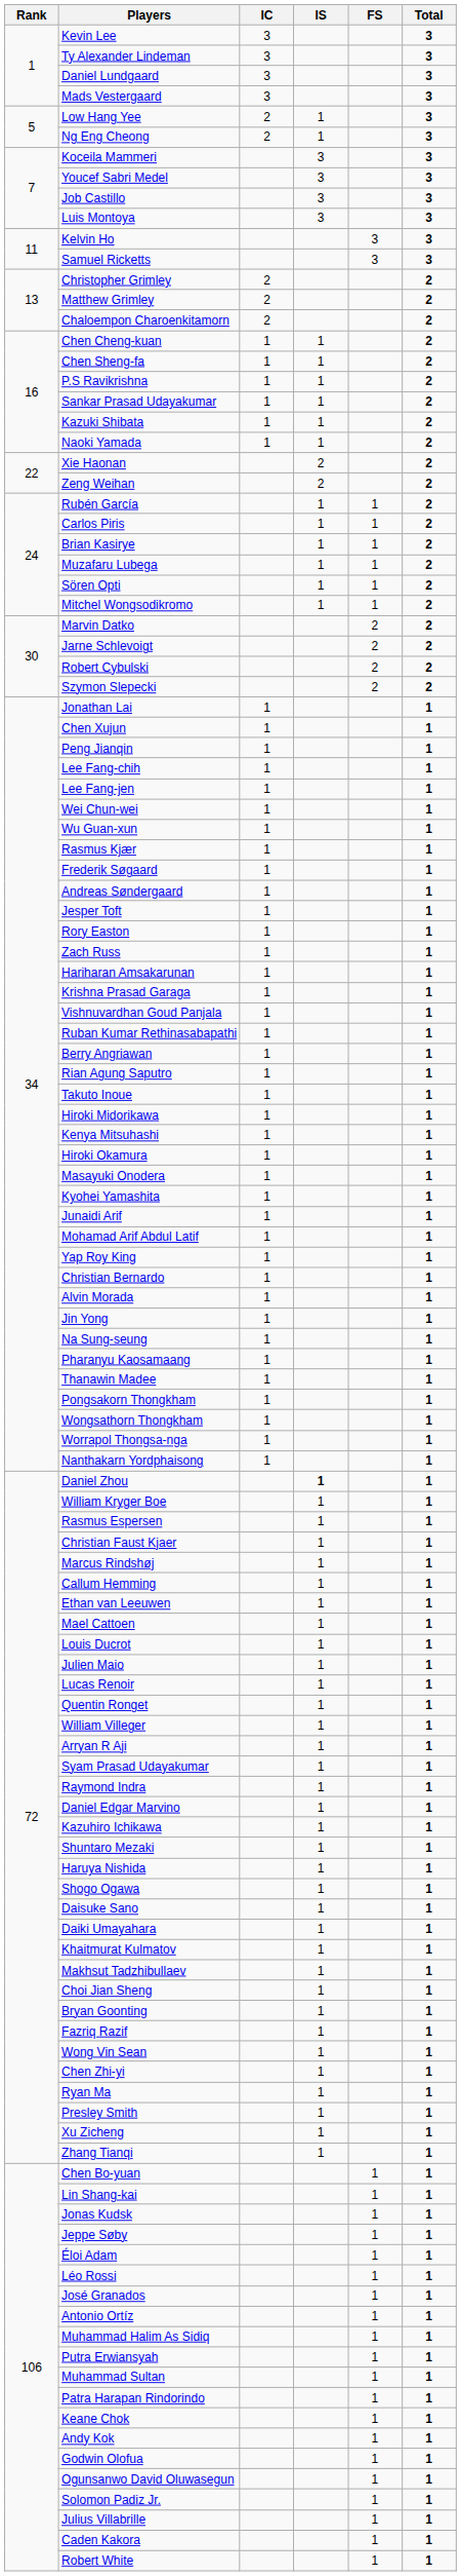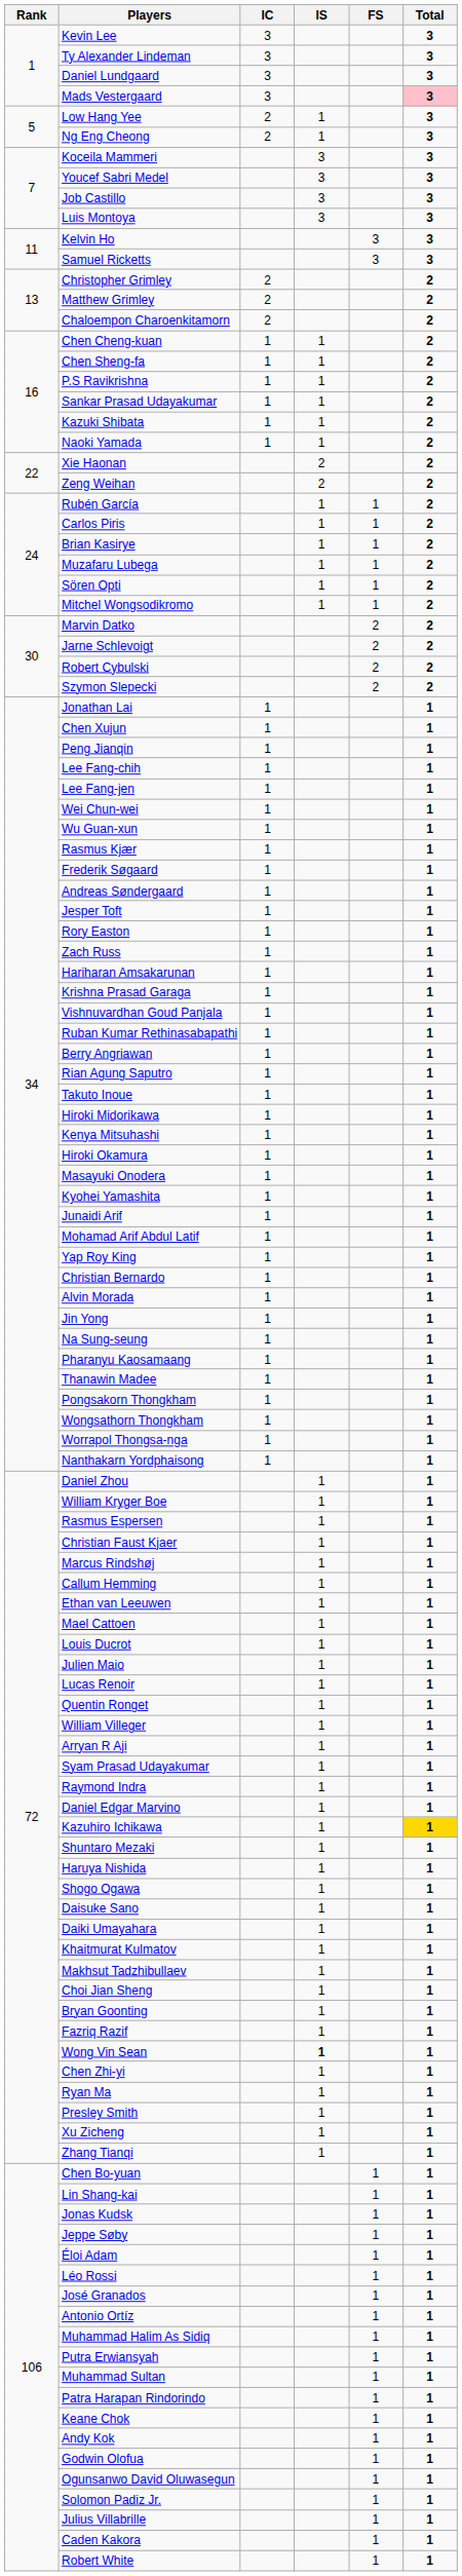 <table class="wikitable" style="font-size:80%; text-align:center">
 <tr>
 <th width="50">Rank</th>
 <th width="150">Players</th>
 <th width="50">IC</th>
 <th width="50">IS</th>
 <th width="50">FS</th>
 <th width="50">Total</th>
 </tr>
 <tr>
 <td rowspan="4">1</td>
 <td align="left"> <a href='#'>Kevin Lee</a></td>
 <td>3</td>
 <td></td>
 <td></td>
 <td><strong>3</strong></td>
 </tr>
 <tr>
 <td align="left"> <a href='#'>Ty Alexander Lindeman</a></td>
 <td>3</td>
 <td></td>
 <td></td>
 <td><strong>3</strong></td>
 </tr>
 <tr>
 <td align="left"> <a href='#'>Daniel Lundgaard</a></td>
 <td>3</td>
 <td></td>
 <td></td>
 <td><strong>3</strong></td>
 </tr>
 <tr>
 <td align="left"> <a href='#'>Mads Vestergaard</a></td>
 <td>3</td>
 <td></td>
 <td></td>
-<td><strong>3</strong></td>
+<td style="background: pink;"><strong>3</strong></td>
 </tr>
 <tr>
 <td rowspan="2">5</td>
 <td align="left"> <a href='#'>Low Hang Yee</a></td>
 <td>2</td>
 <td>1</td>
 <td></td>
 <td><strong>3</strong></td>
 </tr>
 <tr>
 <td align="left"> <a href='#'>Ng Eng Cheong</a></td>
 <td>2</td>
 <td>1</td>
 <td></td>
 <td><strong>3</strong></td>
 </tr>
 <tr>
 <td rowspan="4">7</td>
 <td align="left"> <a href='#'>Koceila Mammeri</a></td>
 <td></td>
 <td>3</td>
 <td></td>
 <td><strong>3</strong></td>
 </tr>
 <tr>
 <td align="left"> <a href='#'>Youcef Sabri Medel</a></td>
 <td></td>
 <td>3</td>
 <td></td>
 <td><strong>3</strong></td>
 </tr>
 <tr>
 <td align="left"> <a href='#'>Job Castillo</a></td>
 <td></td>
 <td>3</td>
 <td></td>
 <td><strong>3</strong></td>
 </tr>
 <tr>
 <td align="left"> <a href='#'>Luis Montoya</a></td>
 <td></td>
 <td>3</td>
 <td></td>
 <td><strong>3</strong></td>
 </tr>
 <tr>
 <td rowspan="2">11</td>
 <td align="left"> <a href='#'>Kelvin Ho</a></td>
 <td></td>
 <td></td>
 <td>3</td>
 <td><strong>3</strong></td>
 </tr>
 <tr>
 <td align="left"> <a href='#'>Samuel Ricketts</a></td>
 <td></td>
 <td></td>
 <td>3</td>
 <td><strong>3</strong></td>
 </tr>
 <tr>
 <td rowspan="3">13</td>
 <td align="left"> <a href='#'>Christopher Grimley</a></td>
 <td>2</td>
 <td></td>
 <td></td>
 <td><strong>2</strong></td>
 </tr>
 <tr>
 <td align="left"> <a href='#'>Matthew Grimley</a></td>
 <td>2</td>
 <td></td>
 <td></td>
 <td><strong>2</strong></td>
 </tr>
 <tr>
 <td align="left"> <a href='#'>Chaloempon Charoenkitamorn</a></td>
 <td>2</td>
 <td></td>
 <td></td>
 <td><strong>2</strong></td>
 </tr>
 <tr>
 <td rowspan="6">16</td>
 <td align="left"> <a href='#'>Chen Cheng-kuan</a></td>
 <td>1</td>
 <td>1</td>
 <td></td>
 <td><strong>2</strong></td>
 </tr>
 <tr>
 <td align="left"> <a href='#'>Chen Sheng-fa</a></td>
 <td>1</td>
 <td>1</td>
 <td></td>
 <td><strong>2</strong></td>
 </tr>
 <tr>
 <td align="left"> <a href='#'>P.S Ravikrishna</a></td>
 <td>1</td>
 <td>1</td>
 <td></td>
 <td><strong>2</strong></td>
 </tr>
 <tr>
 <td align="left"> <a href='#'>Sankar Prasad Udayakumar</a></td>
 <td>1</td>
 <td>1</td>
 <td></td>
 <td><strong>2</strong></td>
 </tr>
 <tr>
 <td align="left"> <a href='#'>Kazuki Shibata</a></td>
 <td>1</td>
 <td>1</td>
 <td></td>
 <td><strong>2</strong></td>
 </tr>
 <tr>
 <td align="left"> <a href='#'>Naoki Yamada</a></td>
 <td>1</td>
 <td>1</td>
 <td></td>
 <td><strong>2</strong></td>
 </tr>
 <tr>
 <td rowspan="2">22</td>
 <td align="left"> <a href='#'>Xie Haonan</a></td>
 <td></td>
 <td>2</td>
 <td></td>
 <td><strong>2</strong></td>
 </tr>
 <tr>
 <td align="left"> <a href='#'>Zeng Weihan</a></td>
 <td></td>
 <td>2</td>
 <td></td>
 <td><strong>2</strong></td>
 </tr>
 <tr>
 <td rowspan="6">24</td>
 <td align="left"> <a href='#'>Rubén García</a></td>
 <td></td>
 <td>1</td>
 <td>1</td>
 <td><strong>2</strong></td>
 </tr>
 <tr>
 <td align="left"> <a href='#'>Carlos Piris</a></td>
 <td></td>
 <td>1</td>
 <td>1</td>
 <td><strong>2</strong></td>
 </tr>
 <tr>
 <td align="left"> <a href='#'>Brian Kasirye</a></td>
 <td></td>
 <td>1</td>
 <td>1</td>
 <td><strong>2</strong></td>
 </tr>
 <tr>
 <td align="left"> <a href='#'>Muzafaru Lubega</a></td>
 <td></td>
 <td>1</td>
 <td>1</td>
 <td><strong>2</strong></td>
 </tr>
 <tr>
 <td align="left"> <a href='#'>Sören Opti</a></td>
 <td></td>
 <td>1</td>
 <td>1</td>
 <td><strong>2</strong></td>
 </tr>
 <tr>
 <td align="left"> <a href='#'>Mitchel Wongsodikromo</a></td>
 <td></td>
 <td>1</td>
 <td>1</td>
 <td><strong>2</strong></td>
 </tr>
 <tr>
 <td rowspan="4">30</td>
 <td align="left"> <a href='#'>Marvin Datko</a></td>
 <td></td>
 <td></td>
 <td>2</td>
 <td><strong>2</strong></td>
 </tr>
 <tr>
 <td align="left"> <a href='#'>Jarne Schlevoigt</a></td>
 <td></td>
 <td></td>
 <td>2</td>
 <td><strong>2</strong></td>
 </tr>
 <tr>
 <td align="left"> <a href='#'>Robert Cybulski</a></td>
 <td></td>
 <td></td>
 <td>2</td>
 <td><strong>2</strong></td>
 </tr>
 <tr>
 <td align="left"> <a href='#'>Szymon Slepecki</a></td>
 <td></td>
 <td></td>
 <td>2</td>
 <td><strong>2</strong></td>
 </tr>
 <tr>
 <td rowspan="38">34</td>
 <td align="left"> <a href='#'>Jonathan Lai</a></td>
 <td>1</td>
 <td></td>
 <td></td>
 <td><strong>1</strong></td>
 </tr>
 <tr>
 <td align="left"> <a href='#'>Chen Xujun</a></td>
 <td>1</td>
 <td></td>
 <td></td>
 <td><strong>1</strong></td>
 </tr>
 <tr>
 <td align="left"> <a href='#'>Peng Jianqin</a></td>
 <td>1</td>
 <td></td>
 <td></td>
 <td><strong>1</strong></td>
 </tr>
 <tr>
 <td align="left"> <a href='#'>Lee Fang-chih</a></td>
 <td>1</td>
 <td></td>
 <td></td>
 <td><strong>1</strong></td>
 </tr>
 <tr>
 <td align="left"> <a href='#'>Lee Fang-jen</a></td>
 <td>1</td>
 <td></td>
 <td></td>
 <td><strong>1</strong></td>
 </tr>
 <tr>
 <td align="left"> <a href='#'>Wei Chun-wei</a></td>
 <td>1</td>
 <td></td>
 <td></td>
 <td><strong>1</strong></td>
 </tr>
 <tr>
 <td align="left"> <a href='#'>Wu Guan-xun</a></td>
 <td>1</td>
 <td></td>
 <td></td>
 <td><strong>1</strong></td>
 </tr>
 <tr>
 <td align="left"> <a href='#'>Rasmus Kjær</a></td>
 <td>1</td>
 <td></td>
 <td></td>
 <td><strong>1</strong></td>
 </tr>
 <tr>
 <td align="left"> <a href='#'>Frederik Søgaard</a></td>
 <td>1</td>
 <td></td>
 <td></td>
 <td><strong>1</strong></td>
 </tr>
 <tr>
 <td align="left"> <a href='#'>Andreas Søndergaard</a></td>
 <td>1</td>
 <td></td>
 <td></td>
 <td><strong>1</strong></td>
 </tr>
 <tr>
 <td align="left"> <a href='#'>Jesper Toft</a></td>
 <td>1</td>
 <td></td>
 <td></td>
 <td><strong>1</strong></td>
 </tr>
 <tr>
 <td align="left"> <a href='#'>Rory Easton</a></td>
 <td>1</td>
 <td></td>
 <td></td>
 <td><strong>1</strong></td>
 </tr>
 <tr>
 <td align="left"> <a href='#'>Zach Russ</a></td>
 <td>1</td>
 <td></td>
 <td></td>
 <td><strong>1</strong></td>
 </tr>
 <tr>
 <td align="left"> <a href='#'>Hariharan Amsakarunan</a></td>
 <td>1</td>
 <td></td>
 <td></td>
 <td><strong>1</strong></td>
 </tr>
 <tr>
 <td align="left"> <a href='#'>Krishna Prasad Garaga</a></td>
 <td>1</td>
 <td></td>
 <td></td>
 <td><strong>1</strong></td>
 </tr>
 <tr>
 <td align="left"> <a href='#'>Vishnuvardhan Goud Panjala</a></td>
 <td>1</td>
 <td></td>
 <td></td>
 <td><strong>1</strong></td>
 </tr>
 <tr>
 <td align="left" nowrap> <a href='#'>Ruban Kumar Rethinasabapathi</a></td>
 <td>1</td>
 <td></td>
 <td></td>
 <td><strong>1</strong></td>
 </tr>
 <tr>
 <td align="left"> <a href='#'>Berry Angriawan</a></td>
 <td>1</td>
 <td></td>
 <td></td>
 <td><strong>1</strong></td>
 </tr>
 <tr>
 <td align="left"> <a href='#'>Rian Agung Saputro</a></td>
 <td>1</td>
 <td></td>
 <td></td>
 <td><strong>1</strong></td>
 </tr>
 <tr>
 <td align="left"> <a href='#'>Takuto Inoue</a></td>
 <td>1</td>
 <td></td>
 <td></td>
 <td><strong>1</strong></td>
 </tr>
 <tr>
 <td align="left"> <a href='#'>Hiroki Midorikawa</a></td>
 <td>1</td>
 <td></td>
 <td></td>
 <td><strong>1</strong></td>
 </tr>
 <tr>
 <td align="left"> <a href='#'>Kenya Mitsuhashi</a></td>
 <td>1</td>
 <td></td>
 <td></td>
 <td><strong>1</strong></td>
 </tr>
 <tr>
 <td align="left"> <a href='#'>Hiroki Okamura</a></td>
 <td>1</td>
 <td></td>
 <td></td>
 <td><strong>1</strong></td>
 </tr>
 <tr>
 <td align="left"> <a href='#'>Masayuki Onodera</a></td>
 <td>1</td>
 <td></td>
 <td></td>
 <td><strong>1</strong></td>
 </tr>
 <tr>
 <td align="left"> <a href='#'>Kyohei Yamashita</a></td>
 <td>1</td>
 <td></td>
 <td></td>
 <td><strong>1</strong></td>
 </tr>
 <tr>
 <td align="left"> <a href='#'>Junaidi Arif</a></td>
 <td>1</td>
 <td></td>
 <td></td>
 <td><strong>1</strong></td>
 </tr>
 <tr>
 <td align="left"> <a href='#'>Mohamad Arif Abdul Latif</a></td>
 <td>1</td>
 <td></td>
 <td></td>
 <td><strong>1</strong></td>
 </tr>
 <tr>
 <td align="left"> <a href='#'>Yap Roy King</a></td>
 <td>1</td>
 <td></td>
 <td></td>
 <td><strong>1</strong></td>
 </tr>
 <tr>
 <td align="left"> <a href='#'>Christian Bernardo</a></td>
 <td>1</td>
 <td></td>
 <td></td>
 <td><strong>1</strong></td>
 </tr>
 <tr>
 <td align="left"> <a href='#'>Alvin Morada</a></td>
 <td>1</td>
 <td></td>
 <td></td>
 <td><strong>1</strong></td>
 </tr>
 <tr>
 <td align="left"> <a href='#'>Jin Yong</a></td>
 <td>1</td>
 <td></td>
 <td></td>
 <td><strong>1</strong></td>
 </tr>
 <tr>
 <td align="left"> <a href='#'>Na Sung-seung</a></td>
 <td>1</td>
 <td></td>
 <td></td>
 <td><strong>1</strong></td>
 </tr>
 <tr>
 <td align="left"> <a href='#'>Pharanyu Kaosamaang</a></td>
 <td>1</td>
 <td></td>
 <td></td>
 <td><strong>1</strong></td>
 </tr>
 <tr>
 <td align="left"> <a href='#'>Thanawin Madee</a></td>
 <td>1</td>
 <td></td>
 <td></td>
 <td><strong>1</strong></td>
 </tr>
 <tr>
 <td align="left"> <a href='#'>Pongsakorn Thongkham</a></td>
 <td>1</td>
 <td></td>
 <td></td>
 <td><strong>1</strong></td>
 </tr>
 <tr>
 <td align="left"> <a href='#'>Wongsathorn Thongkham</a></td>
 <td>1</td>
 <td></td>
 <td></td>
 <td><strong>1</strong></td>
 </tr>
 <tr>
 <td align="left"> <a href='#'>Worrapol Thongsa-nga</a></td>
 <td>1</td>
 <td></td>
 <td></td>
 <td><strong>1</strong></td>
 </tr>
 <tr>
 <td align="left"> <a href='#'>Nanthakarn Yordphaisong</a></td>
 <td>1</td>
 <td></td>
 <td></td>
 <td><strong>1</strong></td>
 </tr>
 <tr>
 <td rowspan="34">72</td>
 <td align="left"> <a href='#'>Daniel Zhou</a></td>
 <td></td>
-<td><strong>1</strong></td>
+<td>1</td>
 <td></td>
 <td><strong>1</strong></td>
 </tr>
 <tr>
 <td align="left"> <a href='#'>William Kryger Boe</a></td>
 <td></td>
 <td>1</td>
 <td></td>
 <td><strong>1</strong></td>
 </tr>
 <tr>
 <td align="left"> <a href='#'>Rasmus Espersen</a></td>
 <td></td>
 <td>1</td>
 <td></td>
 <td><strong>1</strong></td>
 </tr>
 <tr>
 <td align="left"> <a href='#'>Christian Faust Kjaer</a></td>
 <td></td>
 <td>1</td>
 <td></td>
 <td><strong>1</strong></td>
 </tr>
 <tr>
 <td align="left"> <a href='#'>Marcus Rindshøj</a></td>
 <td></td>
 <td>1</td>
 <td></td>
 <td><strong>1</strong></td>
 </tr>
 <tr>
 <td align="left"> <a href='#'>Callum Hemming</a></td>
 <td></td>
 <td>1</td>
 <td></td>
 <td><strong>1</strong></td>
 </tr>
 <tr>
 <td align="left"> <a href='#'>Ethan van Leeuwen</a></td>
 <td></td>
 <td>1</td>
 <td></td>
 <td><strong>1</strong></td>
 </tr>
 <tr>
 <td align="left"> <a href='#'>Mael Cattoen</a></td>
 <td></td>
 <td>1</td>
 <td></td>
 <td><strong>1</strong></td>
 </tr>
 <tr>
 <td align="left"> <a href='#'>Louis Ducrot</a></td>
 <td></td>
 <td>1</td>
 <td></td>
 <td><strong>1</strong></td>
 </tr>
 <tr>
 <td align="left"> <a href='#'>Julien Maio</a></td>
 <td></td>
 <td>1</td>
 <td></td>
 <td><strong>1</strong></td>
 </tr>
 <tr>
 <td align="left"> <a href='#'>Lucas Renoir</a></td>
 <td></td>
 <td>1</td>
 <td></td>
 <td><strong>1</strong></td>
 </tr>
 <tr>
 <td align="left"> <a href='#'>Quentin Ronget</a></td>
 <td></td>
 <td>1</td>
 <td></td>
 <td><strong>1</strong></td>
 </tr>
 <tr>
 <td align="left"> <a href='#'>William Villeger</a></td>
 <td></td>
 <td>1</td>
 <td></td>
 <td><strong>1</strong></td>
 </tr>
 <tr>
 <td align="left"> <a href='#'>Arryan R Aji</a></td>
 <td></td>
 <td>1</td>
 <td></td>
 <td><strong>1</strong></td>
 </tr>
 <tr>
 <td align="left"> <a href='#'>Syam Prasad Udayakumar</a></td>
 <td></td>
 <td>1</td>
 <td></td>
 <td><strong>1</strong></td>
 </tr>
 <tr>
 <td align="left"> <a href='#'>Raymond Indra</a></td>
 <td></td>
 <td>1</td>
 <td></td>
 <td><strong>1</strong></td>
 </tr>
 <tr>
 <td align="left"> <a href='#'>Daniel Edgar Marvino</a></td>
 <td></td>
 <td>1</td>
 <td></td>
 <td><strong>1</strong></td>
 </tr>
 <tr>
 <td align="left"> <a href='#'>Kazuhiro Ichikawa</a></td>
 <td></td>
 <td>1</td>
 <td></td>
-<td><strong>1</strong></td>
+<td style="background: gold;"><strong>1</strong></td>
 </tr>
 <tr>
 <td align="left"> <a href='#'>Shuntaro Mezaki</a></td>
 <td></td>
 <td>1</td>
 <td></td>
 <td><strong>1</strong></td>
 </tr>
 <tr>
 <td align="left"> <a href='#'>Haruya Nishida</a></td>
 <td></td>
 <td>1</td>
 <td></td>
 <td><strong>1</strong></td>
 </tr>
 <tr>
 <td align="left"> <a href='#'>Shogo Ogawa</a></td>
 <td></td>
 <td>1</td>
 <td></td>
 <td><strong>1</strong></td>
 </tr>
 <tr>
 <td align="left"> <a href='#'>Daisuke Sano</a></td>
 <td></td>
 <td>1</td>
 <td></td>
 <td><strong>1</strong></td>
 </tr>
 <tr>
 <td align="left"> <a href='#'>Daiki Umayahara</a></td>
 <td></td>
 <td>1</td>
 <td></td>
 <td><strong>1</strong></td>
 </tr>
 <tr>
 <td align="left"> <a href='#'>Khaitmurat Kulmatov</a></td>
 <td></td>
 <td>1</td>
 <td></td>
 <td><strong>1</strong></td>
 </tr>
 <tr>
 <td align="left"> <a href='#'>Makhsut Tadzhibullaev</a></td>
 <td></td>
 <td>1</td>
 <td></td>
 <td><strong>1</strong></td>
 </tr>
 <tr>
 <td align="left"> <a href='#'>Choi Jian Sheng</a></td>
 <td></td>
 <td>1</td>
 <td></td>
 <td><strong>1</strong></td>
 </tr>
 <tr>
 <td align="left"> <a href='#'>Bryan Goonting</a></td>
 <td></td>
 <td>1</td>
 <td></td>
 <td><strong>1</strong></td>
 </tr>
 <tr>
 <td align="left"> <a href='#'>Fazriq Razif</a></td>
 <td></td>
 <td>1</td>
 <td></td>
 <td><strong>1</strong></td>
 </tr>
 <tr>
 <td align="left"> <a href='#'>Wong Vin Sean</a></td>
 <td></td>
-<td>1</td>
+<td><strong>1</strong></td>
 <td></td>
 <td><strong>1</strong></td>
 </tr>
 <tr>
 <td align="left"> <a href='#'>Chen Zhi-yi</a></td>
 <td></td>
 <td>1</td>
 <td></td>
 <td><strong>1</strong></td>
 </tr>
 <tr>
 <td align="left"> <a href='#'>Ryan Ma</a></td>
 <td></td>
 <td>1</td>
 <td></td>
 <td><strong>1</strong></td>
 </tr>
 <tr>
 <td align="left"> <a href='#'>Presley Smith</a></td>
 <td></td>
 <td>1</td>
 <td></td>
 <td><strong>1</strong></td>
 </tr>
 <tr>
 <td align="left"> <a href='#'>Xu Zicheng</a></td>
 <td></td>
 <td>1</td>
 <td></td>
 <td><strong>1</strong></td>
 </tr>
 <tr>
 <td align="left"> <a href='#'>Zhang Tianqi</a></td>
 <td></td>
 <td>1</td>
 <td></td>
 <td><strong>1</strong></td>
 </tr>
 <tr>
 <td rowspan="20">106</td>
 <td align="left"> <a href='#'>Chen Bo-yuan</a></td>
 <td></td>
 <td></td>
 <td>1</td>
 <td><strong>1</strong></td>
 </tr>
 <tr>
 <td align="left"> <a href='#'>Lin Shang-kai</a></td>
 <td></td>
 <td></td>
 <td>1</td>
 <td><strong>1</strong></td>
 </tr>
 <tr>
 <td align="left"> <a href='#'>Jonas Kudsk</a></td>
 <td></td>
 <td></td>
 <td>1</td>
 <td><strong>1</strong></td>
 </tr>
 <tr>
 <td align="left"> <a href='#'>Jeppe Søby</a></td>
 <td></td>
 <td></td>
 <td>1</td>
 <td><strong>1</strong></td>
 </tr>
 <tr>
 <td align="left"> <a href='#'>Éloi Adam</a></td>
 <td></td>
 <td></td>
 <td>1</td>
 <td><strong>1</strong></td>
 </tr>
 <tr>
 <td align="left"> <a href='#'>Léo Rossi</a></td>
 <td></td>
 <td></td>
 <td>1</td>
 <td><strong>1</strong></td>
 </tr>
 <tr>
 <td align="left"> <a href='#'>José Granados</a></td>
 <td></td>
 <td></td>
 <td>1</td>
 <td><strong>1</strong></td>
 </tr>
 <tr>
 <td align="left"> <a href='#'>Antonio Ortíz</a></td>
 <td></td>
 <td></td>
 <td>1</td>
 <td><strong>1</strong></td>
 </tr>
 <tr>
 <td align="left" nowrap> <a href='#'>Muhammad Halim As Sidiq</a></td>
 <td></td>
 <td></td>
 <td>1</td>
 <td><strong>1</strong></td>
 </tr>
 <tr>
 <td align="left"> <a href='#'>Putra Erwiansyah</a></td>
 <td></td>
 <td></td>
 <td>1</td>
 <td><strong>1</strong></td>
 </tr>
 <tr>
 <td align="left" nowrap> <a href='#'>Muhammad Sultan</a></td>
 <td></td>
 <td></td>
 <td>1</td>
 <td><strong>1</strong></td>
 </tr>
 <tr>
 <td align="left"> <a href='#'>Patra Harapan Rindorindo</a></td>
 <td></td>
 <td></td>
 <td>1</td>
 <td><strong>1</strong></td>
 </tr>
 <tr>
 <td align="left"> <a href='#'>Keane Chok</a></td>
 <td></td>
 <td></td>
 <td>1</td>
 <td><strong>1</strong></td>
 </tr>
 <tr>
 <td align="left"> <a href='#'>Andy Kok</a></td>
 <td></td>
 <td></td>
 <td>1</td>
 <td><strong>1</strong></td>
 </tr>
 <tr>
 <td align="left"> <a href='#'>Godwin Olofua</a></td>
 <td></td>
 <td></td>
 <td>1</td>
 <td><strong>1</strong></td>
 </tr>
 <tr>
 <td align="left"> <a href='#'>Ogunsanwo David Oluwasegun</a></td>
 <td></td>
 <td></td>
 <td>1</td>
 <td><strong>1</strong></td>
 </tr>
 <tr>
 <td align="left"> <a href='#'>Solomon Padiz Jr.</a></td>
 <td></td>
 <td></td>
 <td>1</td>
 <td><strong>1</strong></td>
 </tr>
 <tr>
 <td align="left"> <a href='#'>Julius Villabrille</a></td>
 <td></td>
 <td></td>
 <td>1</td>
 <td><strong>1</strong></td>
 </tr>
 <tr>
 <td align="left"> <a href='#'>Caden Kakora</a></td>
 <td></td>
 <td></td>
 <td>1</td>
 <td><strong>1</strong></td>
 </tr>
 <tr>
 <td align="left"> <a href='#'>Robert White</a></td>
 <td></td>
 <td></td>
 <td>1</td>
 <td><strong>1</strong></td>
 </tr>
 </table>
